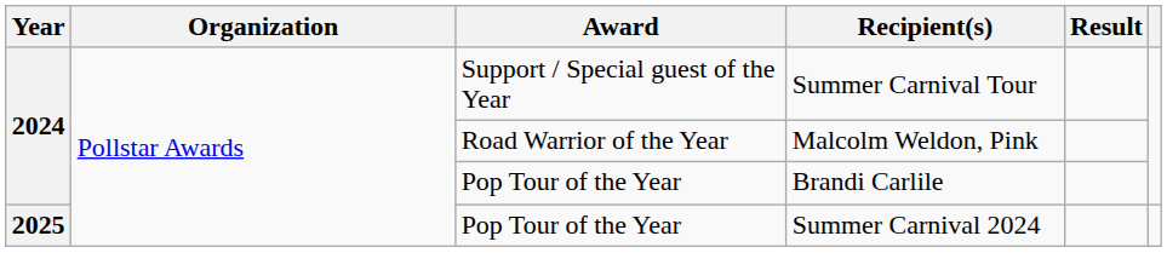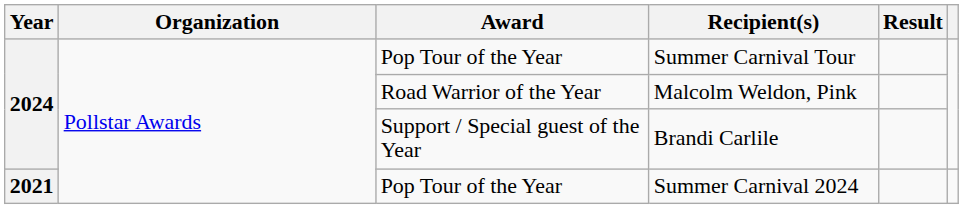 <table class="wikitable sortable plainrowheaders">
 <tr>
 <th scope="col" style="width:2em;">Year</th>
 <th scope="col" style="width:14em;">Organization</th>
 <th scope="col" style="width:12em;">Award</th>
 <th scope="col" style="width:10em;">Recipient(s)</th>
 <th scope="col">Result</th>
 <th scope="col" class="unsortable"></th>
 </tr>
 <tr>
 <th scope="row" rowspan="3">2024</th>
 <td rowspan="4"><a href='#'>Pollstar Awards</a></td>
-<td>Support / Special guest of the Year</td>
+<td>Pop Tour of the Year</td>
 <td>Summer Carnival Tour</td>
 <td></td>
 <td rowspan="3" style="text-align:center;"></td>
 </tr>
 <tr>
 <td>Road Warrior of the Year</td>
 <td>Malcolm Weldon, Pink</td>
 <td></td>
 </tr>
 <tr>
-<td>Pop Tour of the Year</td>
+<td>Support / Special guest of the Year</td>
 <td>Brandi Carlile</td>
 <td></td>
 </tr>
 <tr>
-<th scope="row">2025</th>
+<th scope="row">2021</th>
 <td>Pop Tour of the Year</td>
 <td>Summer Carnival 2024</td>
 <td></td>
 <td style="text-align:center;"></td>
 </tr>
 </table>
